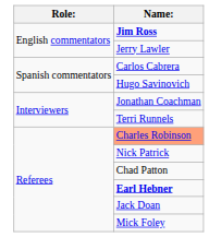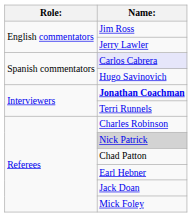 <table class=wikitable style="font-size:90%; margin: 0.5em 0 0.5em 1em; float: right; clear: right;">
 <tr>
 <th>Role:</th>
 <th>Name:</th>
 </tr>
 <tr>
 <td rowspan="2">English <a href='#'>commentators</a></td>
-<td><strong><a href='#'>Jim Ross</a></strong></td>
+<td><a href='#'>Jim Ross</a></td>
 </tr>
 <tr>
 <td><a href='#'>Jerry Lawler</a></td>
 </tr>
 <tr>
 <td rowspan="2">Spanish commentators</td>
-<td><a href='#'>Carlos Cabrera</a></td>
+<td style="background: lavender;"><a href='#'>Carlos Cabrera</a></td>
 </tr>
 <tr>
 <td><a href='#'>Hugo Savinovich</a></td>
 </tr>
 <tr>
 <td rowspan="2"><a href='#'>Interviewers</a></td>
-<td><a href='#'>Jonathan Coachman</a></td>
+<td><strong><a href='#'>Jonathan Coachman</a></strong></td>
 </tr>
 <tr>
 <td><a href='#'>Terri Runnels</a></td>
 </tr>
 <tr>
 <td rowspan="6"><a href='#'>Referees</a></td>
-<td style="background: lightsalmon;"><a href='#'>Charles Robinson</a></td>
+<td><a href='#'>Charles Robinson</a></td>
 </tr>
 <tr>
-<td><a href='#'>Nick Patrick</a></td>
+<td style="background: lightgrey;"><a href='#'>Nick Patrick</a></td>
 </tr>
 <tr>
 <td>Chad Patton</td>
 </tr>
 <tr>
-<td><strong><a href='#'>Earl Hebner</a></strong></td>
+<td><a href='#'>Earl Hebner</a></td>
 </tr>
 <tr>
 <td><a href='#'>Jack Doan</a></td>
 </tr>
 <tr>
 <td><a href='#'>Mick Foley</a> </td>
 </tr>
 </table>
